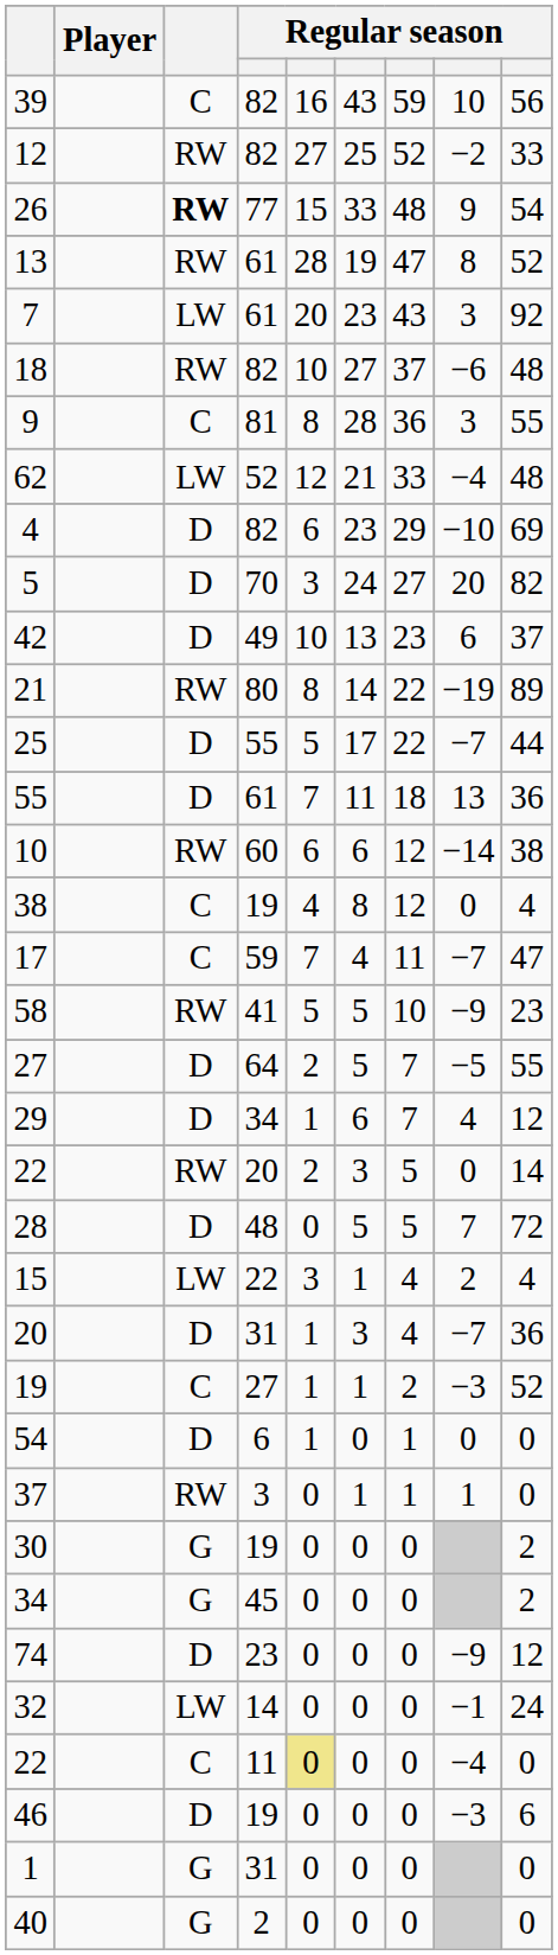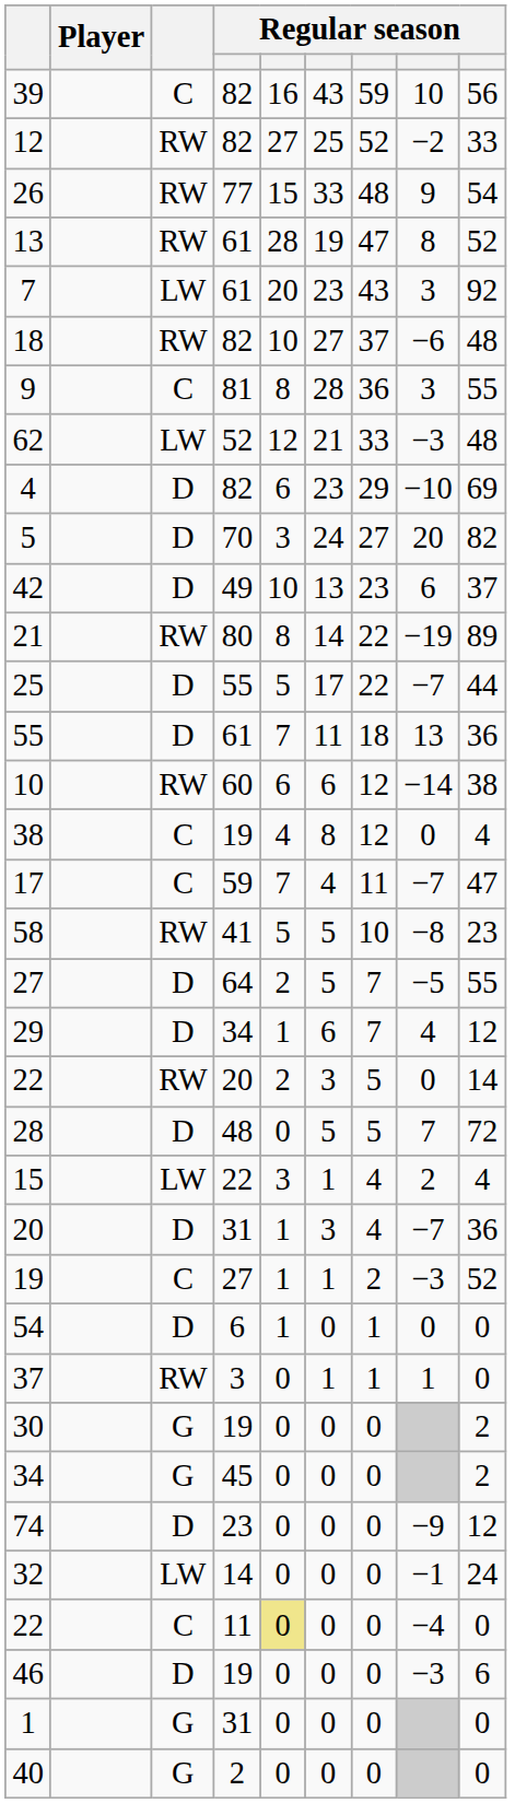 <table class="wikitable sortable plainrowheaders" style="text-align:center;">
 <tr>
 <th scope="col" data-sort-type="number" rowspan="2"></th>
 <th scope="col" rowspan="2">Player</th>
 <th scope="col" rowspan="2"></th>
 <th scope=colgroup colspan=6>Regular season</th>
 </tr>
 <tr>
 <th scope="col" data-sort-type="number"></th>
 <th scope="col" data-sort-type="number"></th>
 <th scope="col" data-sort-type="number"></th>
 <th scope="col" data-sort-type="number"></th>
 <th scope="col" data-sort-type="number"></th>
 <th scope="col" data-sort-type="number"></th>
 </tr>
 <tr>
 <td scope="row">39</td>
 <td align="left"></td>
 <td>C</td>
 <td>82</td>
 <td>16</td>
 <td>43</td>
 <td>59</td>
 <td>10</td>
 <td>56</td>
 </tr>
 <tr>
 <td scope="row">12</td>
 <td align="left"></td>
 <td>RW</td>
 <td>82</td>
 <td>27</td>
 <td>25</td>
 <td>52</td>
 <td>−2</td>
 <td>33</td>
 </tr>
 <tr>
 <td scope="row">26</td>
 <td align="left"></td>
-<td><strong>RW</strong></td>
+<td>RW</td>
 <td>77</td>
 <td>15</td>
 <td>33</td>
 <td>48</td>
 <td>9</td>
 <td>54</td>
 </tr>
 <tr>
 <td scope="row">13</td>
 <td align="left"></td>
 <td>RW</td>
 <td>61</td>
 <td>28</td>
 <td>19</td>
 <td>47</td>
 <td>8</td>
 <td>52</td>
 </tr>
 <tr>
 <td scope="row">7</td>
 <td align="left"></td>
 <td>LW</td>
 <td>61</td>
 <td>20</td>
 <td>23</td>
 <td>43</td>
 <td>3</td>
 <td>92</td>
 </tr>
 <tr>
 <td scope="row">18</td>
 <td align="left"></td>
 <td>RW</td>
 <td>82</td>
 <td>10</td>
 <td>27</td>
 <td>37</td>
 <td>−6</td>
 <td>48</td>
 </tr>
 <tr>
 <td scope="row">9</td>
 <td align="left"></td>
 <td>C</td>
 <td>81</td>
 <td>8</td>
 <td>28</td>
 <td>36</td>
 <td>3</td>
 <td>55</td>
 </tr>
 <tr>
 <td scope="row">62</td>
 <td align="left"></td>
 <td>LW</td>
 <td>52</td>
 <td>12</td>
 <td>21</td>
 <td>33</td>
-<td>−4</td>
+<td>−3</td>
 <td>48</td>
 </tr>
 <tr>
 <td scope="row">4</td>
 <td align="left"></td>
 <td>D</td>
 <td>82</td>
 <td>6</td>
 <td>23</td>
 <td>29</td>
 <td>−10</td>
 <td>69</td>
 </tr>
 <tr>
 <td scope="row">5</td>
 <td align="left"></td>
 <td>D</td>
 <td>70</td>
 <td>3</td>
 <td>24</td>
 <td>27</td>
 <td>20</td>
 <td>82</td>
 </tr>
 <tr>
 <td scope="row">42</td>
 <td align="left"></td>
 <td>D</td>
 <td>49</td>
 <td>10</td>
 <td>13</td>
 <td>23</td>
 <td>6</td>
 <td>37</td>
 </tr>
 <tr>
 <td scope="row">21</td>
 <td align="left"></td>
 <td>RW</td>
 <td>80</td>
 <td>8</td>
 <td>14</td>
 <td>22</td>
 <td>−19</td>
 <td>89</td>
 </tr>
 <tr>
 <td scope="row">25</td>
 <td align="left"></td>
 <td>D</td>
 <td>55</td>
 <td>5</td>
 <td>17</td>
 <td>22</td>
 <td>−7</td>
 <td>44</td>
 </tr>
 <tr>
 <td scope="row">55</td>
 <td align="left"></td>
 <td>D</td>
 <td>61</td>
 <td>7</td>
 <td>11</td>
 <td>18</td>
 <td>13</td>
 <td>36</td>
 </tr>
 <tr>
 <td scope="row">10</td>
 <td align="left"></td>
 <td>RW</td>
 <td>60</td>
 <td>6</td>
 <td>6</td>
 <td>12</td>
 <td>−14</td>
 <td>38</td>
 </tr>
 <tr>
 <td scope="row">38</td>
 <td align="left"></td>
 <td>C</td>
 <td>19</td>
 <td>4</td>
 <td>8</td>
 <td>12</td>
 <td>0</td>
 <td>4</td>
 </tr>
 <tr>
 <td scope="row">17</td>
 <td align="left"></td>
 <td>C</td>
 <td>59</td>
 <td>7</td>
 <td>4</td>
 <td>11</td>
 <td>−7</td>
 <td>47</td>
 </tr>
 <tr>
 <td scope="row">58</td>
 <td align="left"></td>
 <td>RW</td>
 <td>41</td>
 <td>5</td>
 <td>5</td>
 <td>10</td>
-<td>−9</td>
+<td>−8</td>
 <td>23</td>
 </tr>
 <tr>
 <td scope="row">27</td>
 <td align="left"></td>
 <td>D</td>
 <td>64</td>
 <td>2</td>
 <td>5</td>
 <td>7</td>
 <td>−5</td>
 <td>55</td>
 </tr>
 <tr>
 <td scope="row">29</td>
 <td align="left"></td>
 <td>D</td>
 <td>34</td>
 <td>1</td>
 <td>6</td>
 <td>7</td>
 <td>4</td>
 <td>12</td>
 </tr>
 <tr>
 <td scope="row">22</td>
 <td align="left"></td>
 <td>RW</td>
 <td>20</td>
 <td>2</td>
 <td>3</td>
 <td>5</td>
 <td>0</td>
 <td>14</td>
 </tr>
 <tr>
 <td scope="row">28</td>
 <td align="left"></td>
 <td>D</td>
 <td>48</td>
 <td>0</td>
 <td>5</td>
 <td>5</td>
 <td>7</td>
 <td>72</td>
 </tr>
 <tr>
 <td scope="row">15</td>
 <td align="left"></td>
 <td>LW</td>
 <td>22</td>
 <td>3</td>
 <td>1</td>
 <td>4</td>
 <td>2</td>
 <td>4</td>
 </tr>
 <tr>
 <td scope="row">20</td>
 <td align="left"></td>
 <td>D</td>
 <td>31</td>
 <td>1</td>
 <td>3</td>
 <td>4</td>
 <td>−7</td>
 <td>36</td>
 </tr>
 <tr>
 <td scope="row">19</td>
 <td align="left"></td>
 <td>C</td>
 <td>27</td>
 <td>1</td>
 <td>1</td>
 <td>2</td>
 <td>−3</td>
 <td>52</td>
 </tr>
 <tr>
 <td scope="row">54</td>
 <td align="left"></td>
 <td>D</td>
 <td>6</td>
 <td>1</td>
 <td>0</td>
 <td>1</td>
 <td>0</td>
 <td>0</td>
 </tr>
 <tr>
 <td scope="row">37</td>
 <td align="left"></td>
 <td>RW</td>
 <td>3</td>
 <td>0</td>
 <td>1</td>
 <td>1</td>
 <td>1</td>
 <td>0</td>
 </tr>
 <tr>
 <td scope="row">30</td>
 <td align="left"></td>
 <td>G</td>
 <td>19</td>
 <td>0</td>
 <td>0</td>
 <td>0</td>
 <td style="background:#ccc"></td>
 <td>2</td>
 </tr>
 <tr>
 <td scope="row">34</td>
 <td align="left"></td>
 <td>G</td>
 <td>45</td>
 <td>0</td>
 <td>0</td>
 <td>0</td>
 <td style="background:#ccc"></td>
 <td>2</td>
 </tr>
 <tr>
 <td scope="row">74</td>
 <td align="left"></td>
 <td>D</td>
 <td>23</td>
 <td>0</td>
 <td>0</td>
 <td>0</td>
 <td>−9</td>
 <td>12</td>
 </tr>
 <tr>
 <td scope="row">32</td>
 <td align="left"></td>
 <td>LW</td>
 <td>14</td>
 <td>0</td>
 <td>0</td>
 <td>0</td>
 <td>−1</td>
 <td>24</td>
 </tr>
 <tr>
 <td scope="row">22</td>
 <td align="left"></td>
 <td>C</td>
 <td>11</td>
 <td style="background: khaki;">0</td>
 <td>0</td>
 <td>0</td>
 <td>−4</td>
 <td>0</td>
 </tr>
 <tr>
 <td scope="row">46</td>
 <td align="left"></td>
 <td>D</td>
 <td>19</td>
 <td>0</td>
 <td>0</td>
 <td>0</td>
 <td>−3</td>
 <td>6</td>
 </tr>
 <tr>
 <td scope="row">1</td>
 <td align="left"></td>
 <td>G</td>
 <td>31</td>
 <td>0</td>
 <td>0</td>
 <td>0</td>
 <td style="background:#ccc"></td>
 <td>0</td>
 </tr>
 <tr>
 <td scope="row">40</td>
 <td align="left"></td>
 <td>G</td>
 <td>2</td>
 <td>0</td>
 <td>0</td>
 <td>0</td>
 <td style="background:#ccc"></td>
 <td>0</td>
 </tr>
 </table>
